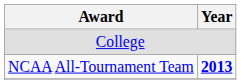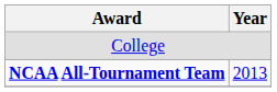 <table class="wikitable">
 <tr>
 <th>Award</th>
 <th>Year</th>
 </tr>
 <tr ALIGN="center" bgcolor="#e0e0e0">
 <td colspan="3"><a href='#'>College</a></td>
 </tr>
 <tr>
-<td><a href='#'>NCAA</a> <a href='#'>All-Tournament Team</a></td>
-<td><strong><a href='#'>2013</a></strong></td>
+<td><strong><a href='#'>NCAA</a> <a href='#'>All-Tournament Team</a></strong></td>
+<td><a href='#'>2013</a></td>
 </tr>
 <tr>
 </tr>
 </table>
